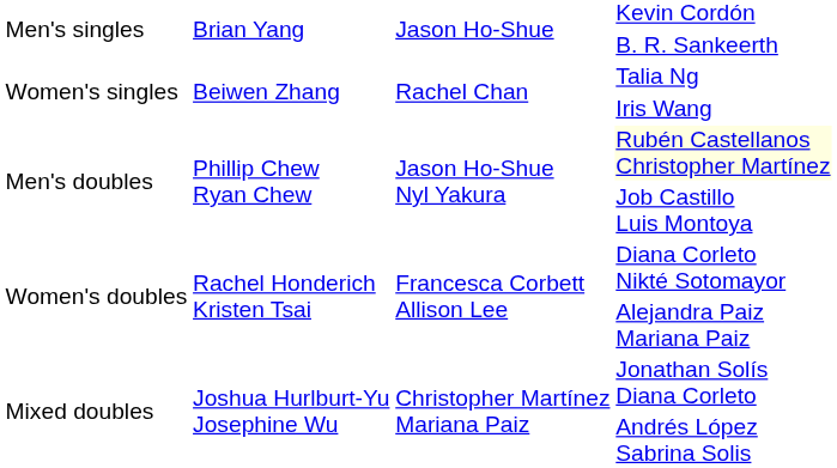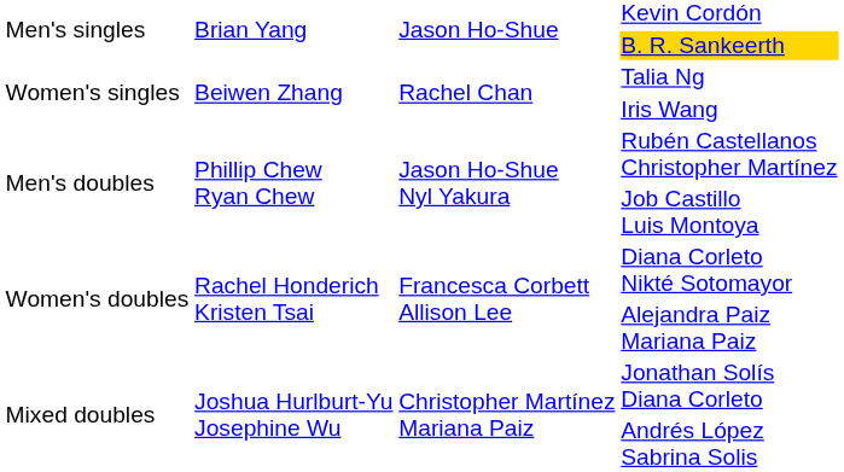 <table>
 <tr>
 <td rowspan="2">Men's singles</td>
 <td rowspan="2"> <a href='#'>Brian Yang</a></td>
 <td rowspan="2"> <a href='#'>Jason Ho-Shue</a></td>
 <td> <a href='#'>Kevin Cordón</a></td>
 </tr>
 <tr>
-<td> <a href='#'>B. R. Sankeerth</a></td>
+<td style="background: gold;"> <a href='#'>B. R. Sankeerth</a></td>
 </tr>
 <tr>
 <td rowspan="2">Women's singles</td>
 <td rowspan="2"> <a href='#'>Beiwen Zhang</a></td>
 <td rowspan="2"> <a href='#'>Rachel Chan</a></td>
 <td> <a href='#'>Talia Ng</a></td>
 </tr>
 <tr>
 <td> <a href='#'>Iris Wang</a></td>
 </tr>
 <tr>
 <td rowspan="2">Men's doubles</td>
 <td rowspan="2"> <a href='#'>Phillip Chew</a> <br> <a href='#'>Ryan Chew</a></td>
 <td rowspan="2"> <a href='#'>Jason Ho-Shue</a> <br> <a href='#'>Nyl Yakura</a></td>
-<td style="background: lightyellow;"> <a href='#'>Rubén Castellanos</a><br> <a href='#'>Christopher Martínez</a></td>
+<td> <a href='#'>Rubén Castellanos</a><br> <a href='#'>Christopher Martínez</a></td>
 </tr>
 <tr>
 <td> <a href='#'>Job Castillo</a><br> <a href='#'>Luis Montoya</a></td>
 </tr>
 <tr>
 <td rowspan="2">Women's doubles</td>
 <td rowspan="2"> <a href='#'>Rachel Honderich</a> <br> <a href='#'>Kristen Tsai</a></td>
 <td rowspan="2"> <a href='#'>Francesca Corbett</a> <br> <a href='#'>Allison Lee</a></td>
 <td> <a href='#'>Diana Corleto</a><br> <a href='#'>Nikté Sotomayor</a></td>
 </tr>
 <tr>
 <td> <a href='#'>Alejandra Paiz</a><br> <a href='#'>Mariana Paiz</a></td>
 </tr>
 <tr>
 <td rowspan="2">Mixed doubles</td>
 <td rowspan="2"> <a href='#'>Joshua Hurlburt-Yu</a> <br> <a href='#'>Josephine Wu</a></td>
 <td rowspan="2"> <a href='#'>Christopher Martínez</a> <br> <a href='#'>Mariana Paiz</a></td>
 <td> <a href='#'>Jonathan Solís</a><br> <a href='#'>Diana Corleto</a></td>
 </tr>
 <tr>
 <td> <a href='#'>Andrés López</a><br> <a href='#'>Sabrina Solis</a></td>
 </tr>
 </table>
